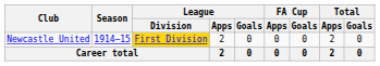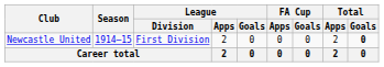 <table class="wikitable" style="text-align: center;">
 <tr>
 <th rowspan="2">Club</th>
 <th rowspan="2">Season</th>
 <th colspan="3">League</th>
 <th colspan="2">FA Cup</th>
 <th colspan="2">Total</th>
 </tr>
 <tr>
 <th>Division</th>
 <th>Apps</th>
 <th>Goals</th>
 <th>Apps</th>
 <th>Goals</th>
 <th>Apps</th>
 <th>Goals</th>
 </tr>
 <tr>
 <td><a href='#'>Newcastle United</a></td>
 <td><a href='#'>1914–15</a></td>
-<td style="background: gold;"><a href='#'>First Division</a></td>
+<td><a href='#'>First Division</a></td>
 <td>2</td>
 <td>0</td>
 <td>0</td>
 <td>0</td>
 <td>2</td>
-<td>0</td>
+<td><strong>0</strong></td>
 </tr>
 <tr>
 <th colspan="3">Career total</th>
 <th>2</th>
 <th>0</th>
 <th>0</th>
 <th>0</th>
 <th>2</th>
 <th>0</th>
 </tr>
 </table>
